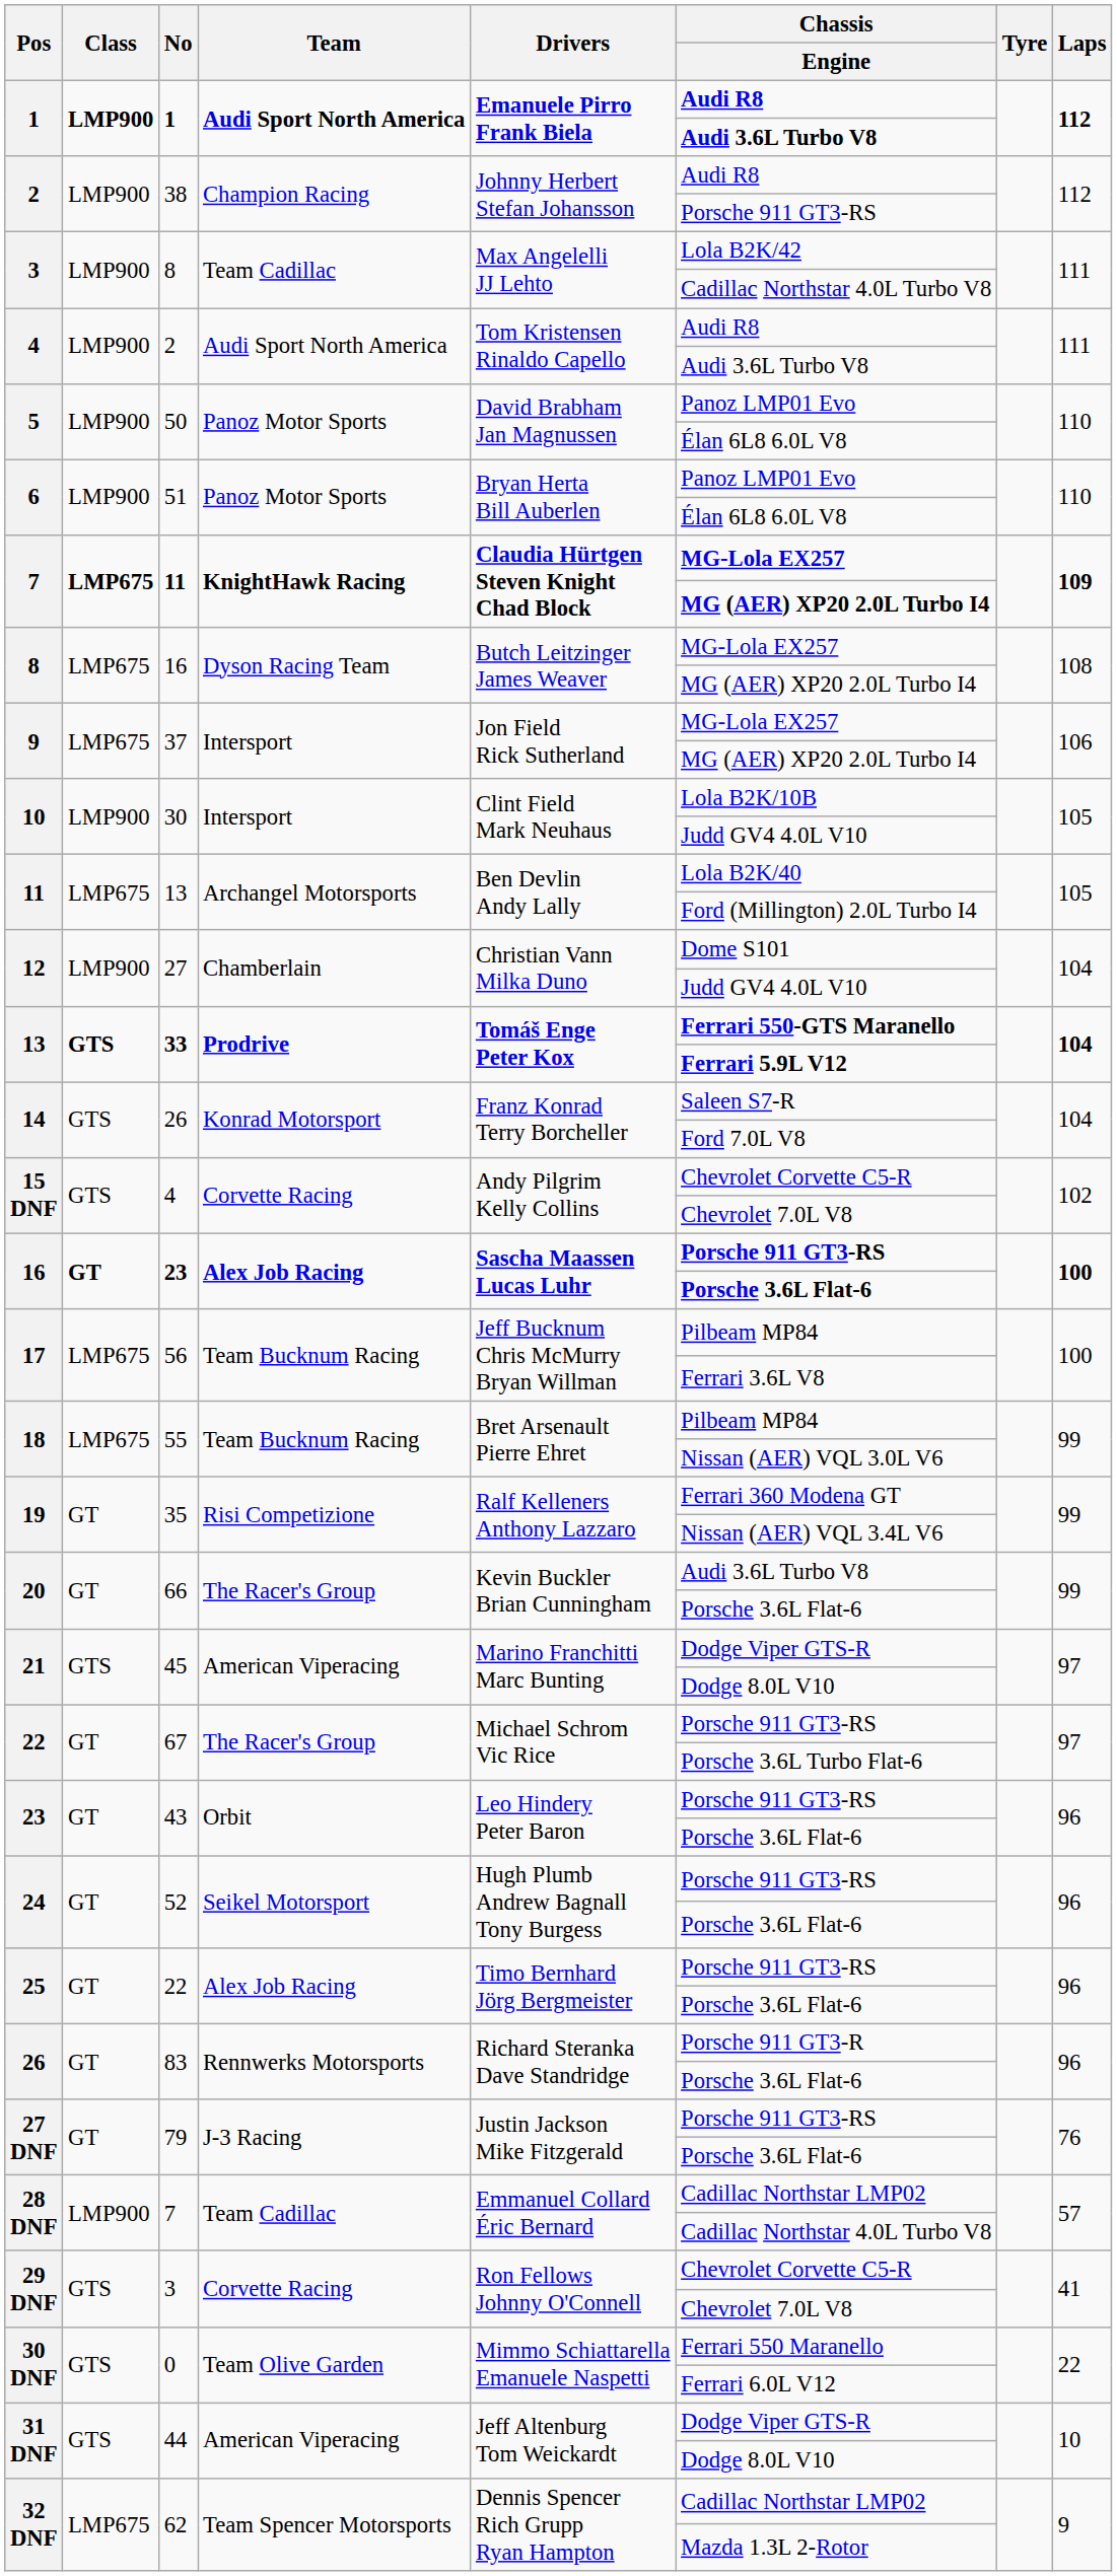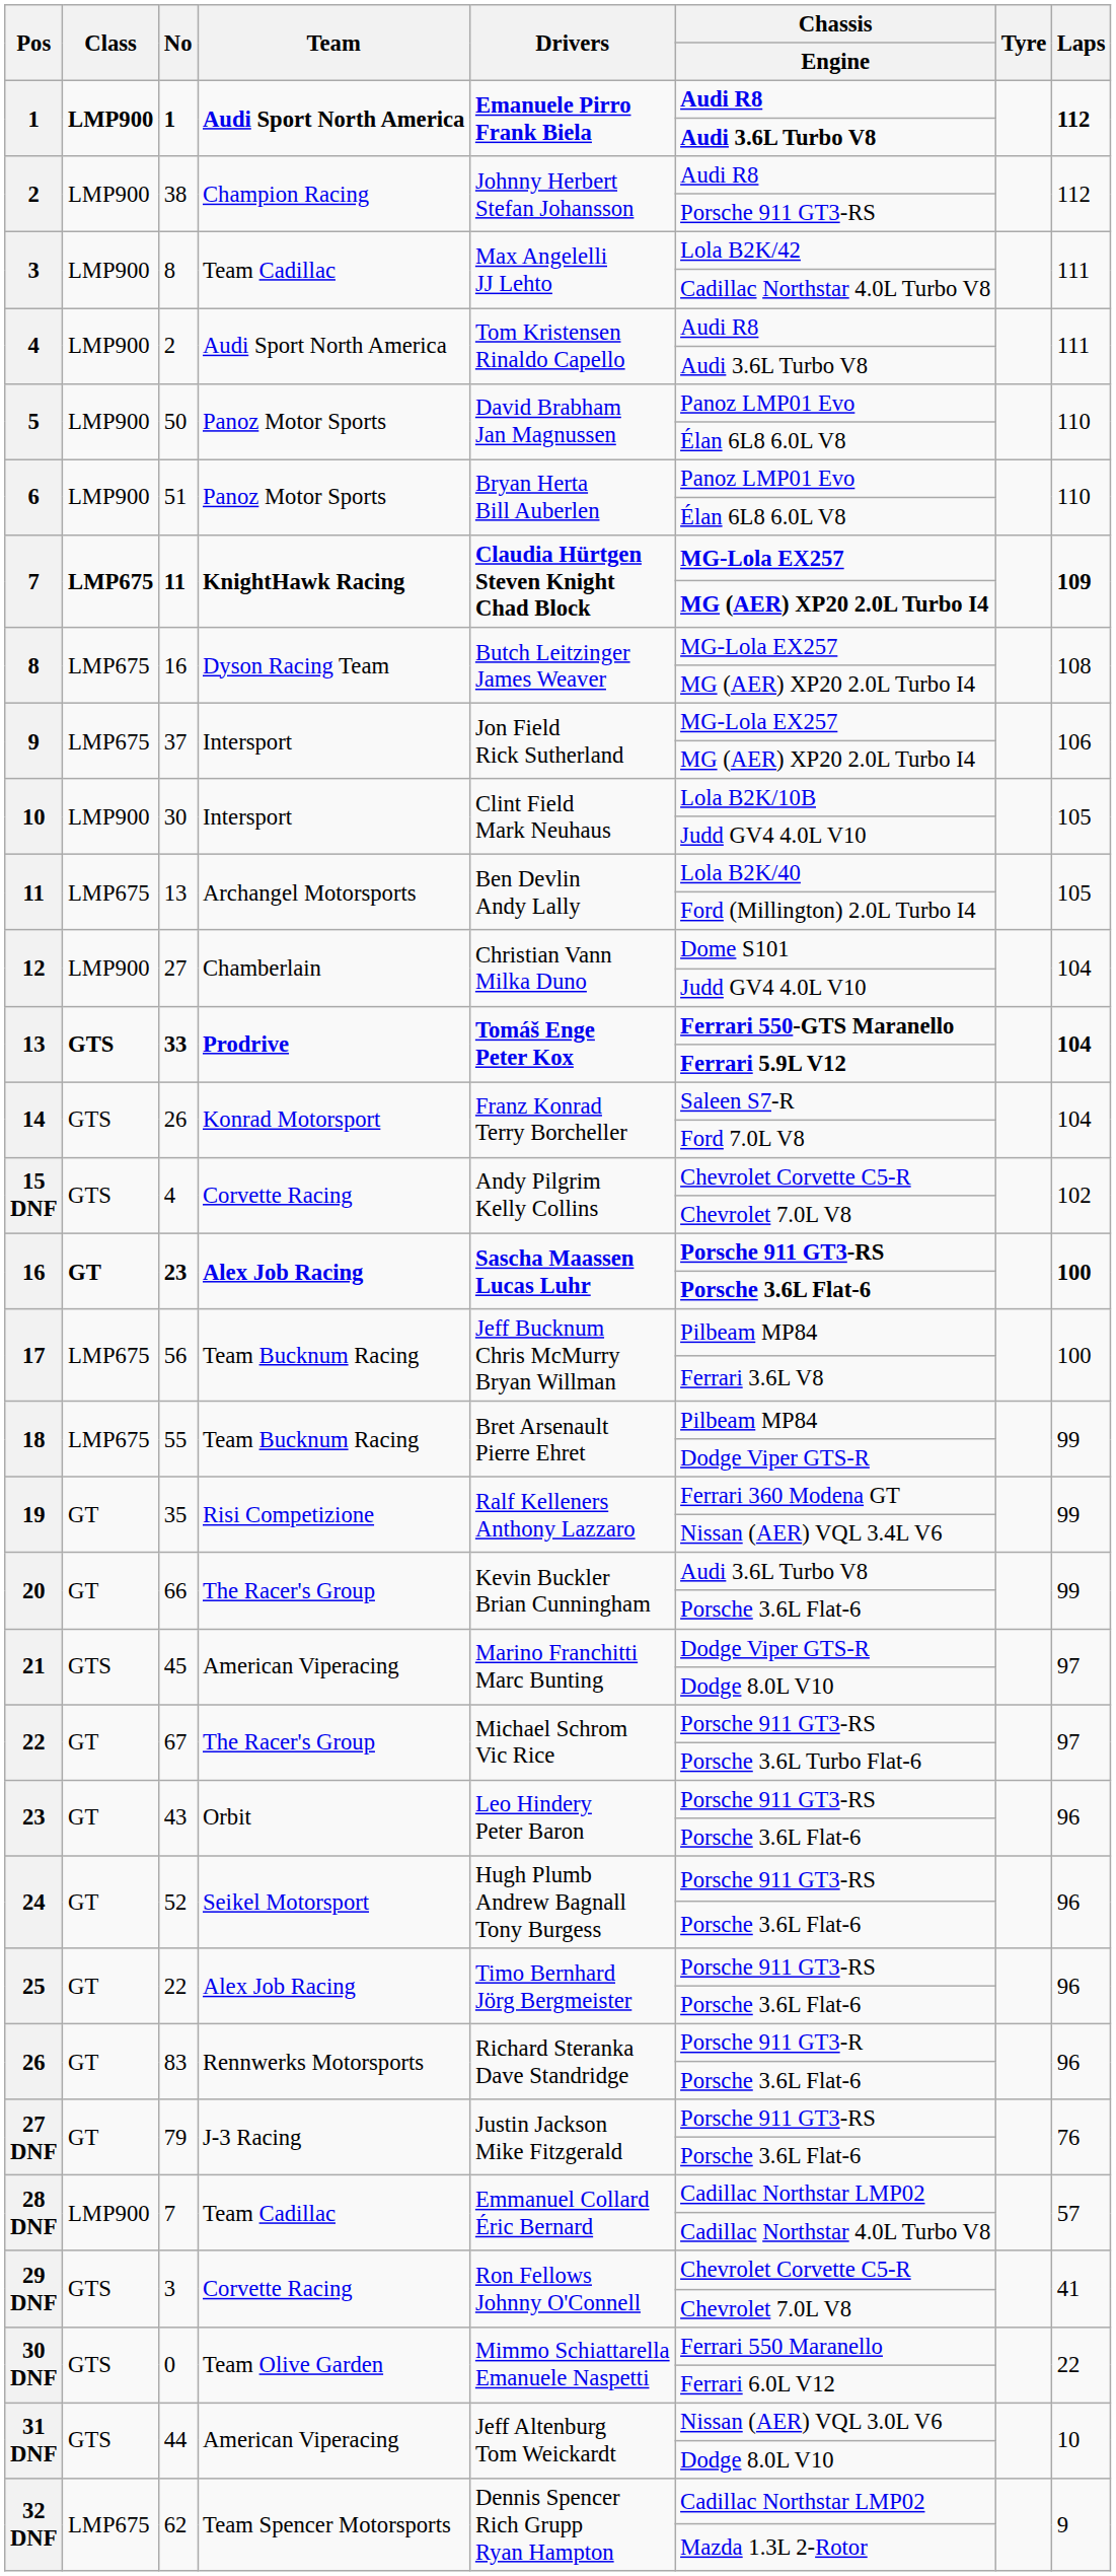 <table class="wikitable" style="font-size: 95%;">
 <tr>
 <th rowspan=2>Pos</th>
 <th rowspan=2>Class</th>
 <th rowspan=2>No</th>
 <th rowspan=2>Team</th>
 <th rowspan=2>Drivers</th>
 <th>Chassis</th>
 <th rowspan=2>Tyre</th>
 <th rowspan=2>Laps</th>
 </tr>
 <tr>
 <th>Engine</th>
 </tr>
 <tr style="font-weight:bold">
 <th rowspan=2>1</th>
 <td rowspan=2>LMP900</td>
 <td rowspan=2>1</td>
 <td rowspan=2> <a href='#'>Audi</a> Sport North America</td>
 <td rowspan=2> <a href='#'>Emanuele Pirro</a><br> <a href='#'>Frank Biela</a></td>
 <td><a href='#'>Audi R8</a></td>
 <td rowspan=2></td>
 <td rowspan=2>112</td>
 </tr>
 <tr style="font-weight:bold">
 <td><a href='#'>Audi</a> 3.6L Turbo V8</td>
 </tr>
 <tr>
 <th rowspan=2>2</th>
 <td rowspan=2>LMP900</td>
 <td rowspan=2>38</td>
 <td rowspan=2> <a href='#'>Champion Racing</a></td>
 <td rowspan=2> <a href='#'>Johnny Herbert</a><br> <a href='#'>Stefan Johansson</a></td>
 <td><a href='#'>Audi R8</a></td>
 <td rowspan=2></td>
 <td rowspan=2>112</td>
 </tr>
 <tr>
 <td><a href='#'>Porsche 911 GT3</a>-RS</td>
 </tr>
 <tr>
 <th rowspan=2>3</th>
 <td rowspan=2>LMP900</td>
 <td rowspan=2>8</td>
 <td rowspan=2> Team <a href='#'>Cadillac</a></td>
 <td rowspan=2> <a href='#'>Max Angelelli</a><br> <a href='#'>JJ Lehto</a></td>
 <td><a href='#'>Lola B2K/42</a></td>
 <td rowspan=2></td>
 <td rowspan=2>111</td>
 </tr>
 <tr>
 <td><a href='#'>Cadillac</a> <a href='#'>Northstar</a> 4.0L Turbo V8</td>
 </tr>
 <tr>
 <th rowspan=2>4</th>
 <td rowspan=2>LMP900</td>
 <td rowspan=2>2</td>
 <td rowspan=2> <a href='#'>Audi</a> Sport North America</td>
 <td rowspan=2> <a href='#'>Tom Kristensen</a><br> <a href='#'>Rinaldo Capello</a></td>
 <td><a href='#'>Audi R8</a></td>
 <td rowspan=2></td>
 <td rowspan=2>111</td>
 </tr>
 <tr>
 <td><a href='#'>Audi</a> 3.6L Turbo V8</td>
 </tr>
 <tr>
 <th rowspan=2>5</th>
 <td rowspan=2>LMP900</td>
 <td rowspan=2>50</td>
 <td rowspan=2> <a href='#'>Panoz</a> Motor Sports</td>
 <td rowspan=2> <a href='#'>David Brabham</a><br> <a href='#'>Jan Magnussen</a></td>
 <td><a href='#'>Panoz LMP01 Evo</a></td>
 <td rowspan=2></td>
 <td rowspan=2>110</td>
 </tr>
 <tr>
 <td><a href='#'>Élan</a> 6L8 6.0L V8</td>
 </tr>
 <tr>
 <th rowspan=2>6</th>
 <td rowspan=2>LMP900</td>
 <td rowspan=2>51</td>
 <td rowspan=2> <a href='#'>Panoz</a> Motor Sports</td>
 <td rowspan=2> <a href='#'>Bryan Herta</a><br> <a href='#'>Bill Auberlen</a></td>
 <td><a href='#'>Panoz LMP01 Evo</a></td>
 <td rowspan=2></td>
 <td rowspan=2>110</td>
 </tr>
 <tr>
 <td><a href='#'>Élan</a> 6L8 6.0L V8</td>
 </tr>
 <tr style="font-weight:bold">
 <th rowspan=2>7</th>
 <td rowspan=2>LMP675</td>
 <td rowspan=2>11</td>
 <td rowspan=2> KnightHawk Racing</td>
 <td rowspan=2> <a href='#'>Claudia Hürtgen</a><br> Steven Knight<br> Chad Block</td>
 <td><a href='#'>MG-Lola EX257</a></td>
 <td rowspan=2></td>
 <td rowspan=2>109</td>
 </tr>
 <tr style="font-weight:bold">
 <td><a href='#'>MG</a> (<a href='#'>AER</a>) XP20 2.0L Turbo I4</td>
 </tr>
 <tr>
 <th rowspan=2>8</th>
 <td rowspan=2>LMP675</td>
 <td rowspan=2>16</td>
 <td rowspan=2> <a href='#'>Dyson Racing</a> Team</td>
 <td rowspan=2> <a href='#'>Butch Leitzinger</a><br> <a href='#'>James Weaver</a></td>
 <td><a href='#'>MG-Lola EX257</a></td>
 <td rowspan=2></td>
 <td rowspan=2>108</td>
 </tr>
 <tr>
 <td><a href='#'>MG</a> (<a href='#'>AER</a>) XP20 2.0L Turbo I4</td>
 </tr>
 <tr>
 <th rowspan=2>9</th>
 <td rowspan=2>LMP675</td>
 <td rowspan=2>37</td>
 <td rowspan=2> Intersport</td>
 <td rowspan=2> Jon Field<br> Rick Sutherland</td>
 <td><a href='#'>MG-Lola EX257</a></td>
 <td rowspan=2></td>
 <td rowspan=2>106</td>
 </tr>
 <tr>
 <td><a href='#'>MG</a> (<a href='#'>AER</a>) XP20 2.0L Turbo I4</td>
 </tr>
 <tr>
 <th rowspan=2>10</th>
 <td rowspan=2>LMP900</td>
 <td rowspan=2>30</td>
 <td rowspan=2> Intersport</td>
 <td rowspan=2> Clint Field<br> Mark Neuhaus</td>
 <td><a href='#'>Lola B2K/10B</a></td>
 <td rowspan=2></td>
 <td rowspan=2>105</td>
 </tr>
 <tr>
 <td><a href='#'>Judd</a> GV4 4.0L V10</td>
 </tr>
 <tr>
 <th rowspan=2>11</th>
 <td rowspan=2>LMP675</td>
 <td rowspan=2>13</td>
 <td rowspan=2> Archangel Motorsports</td>
 <td rowspan=2> Ben Devlin<br> Andy Lally</td>
 <td><a href='#'>Lola B2K/40</a></td>
 <td rowspan=2></td>
 <td rowspan=2>105</td>
 </tr>
 <tr>
 <td><a href='#'>Ford</a> (Millington) 2.0L Turbo I4</td>
 </tr>
 <tr>
 <th rowspan=2>12</th>
 <td rowspan=2>LMP900</td>
 <td rowspan=2>27</td>
 <td rowspan=2> Chamberlain</td>
 <td rowspan=2> Christian Vann<br> <a href='#'>Milka Duno</a></td>
 <td><a href='#'>Dome</a> S101</td>
 <td rowspan=2></td>
 <td rowspan=2>104</td>
 </tr>
 <tr>
 <td><a href='#'>Judd</a> GV4 4.0L V10</td>
 </tr>
 <tr style="font-weight:bold">
 <th rowspan=2>13</th>
 <td rowspan=2>GTS</td>
 <td rowspan=2>33</td>
 <td rowspan=2> <a href='#'>Prodrive</a></td>
 <td rowspan=2> <a href='#'>Tomáš Enge</a><br> <a href='#'>Peter Kox</a></td>
 <td><a href='#'>Ferrari 550</a>-GTS Maranello</td>
 <td rowspan=2></td>
 <td rowspan=2>104</td>
 </tr>
 <tr style="font-weight:bold">
 <td><a href='#'>Ferrari</a> 5.9L V12</td>
 </tr>
 <tr>
 <th rowspan=2>14</th>
 <td rowspan=2>GTS</td>
 <td rowspan=2>26</td>
 <td rowspan=2> <a href='#'>Konrad Motorsport</a></td>
 <td rowspan=2> <a href='#'>Franz Konrad</a><br> Terry Borcheller</td>
 <td><a href='#'>Saleen S7</a>-R</td>
 <td rowspan=2></td>
 <td rowspan=2>104</td>
 </tr>
 <tr>
 <td><a href='#'>Ford</a> 7.0L V8</td>
 </tr>
 <tr>
 <th rowspan=2>15<br>DNF</th>
 <td rowspan=2>GTS</td>
 <td rowspan=2>4</td>
 <td rowspan=2> <a href='#'>Corvette Racing</a></td>
 <td rowspan=2> Andy Pilgrim<br> Kelly Collins</td>
 <td><a href='#'>Chevrolet Corvette C5-R</a></td>
 <td rowspan=2></td>
 <td rowspan=2>102</td>
 </tr>
 <tr>
 <td><a href='#'>Chevrolet</a> 7.0L V8</td>
 </tr>
 <tr style="font-weight:bold">
 <th rowspan=2>16</th>
 <td rowspan=2>GT</td>
 <td rowspan=2>23</td>
 <td rowspan=2> <a href='#'>Alex Job Racing</a></td>
 <td rowspan=2> <a href='#'>Sascha Maassen</a><br> <a href='#'>Lucas Luhr</a></td>
 <td><a href='#'>Porsche 911 GT3</a>-RS</td>
 <td rowspan=2></td>
 <td rowspan=2>100</td>
 </tr>
 <tr style="font-weight:bold">
 <td><a href='#'>Porsche</a> 3.6L Flat-6</td>
 </tr>
 <tr>
 <th rowspan=2>17</th>
 <td rowspan=2>LMP675</td>
 <td rowspan=2>56</td>
 <td rowspan=2> Team <a href='#'>Bucknum</a> Racing</td>
 <td rowspan=2> <a href='#'>Jeff Bucknum</a><br> Chris McMurry<br> Bryan Willman</td>
 <td><a href='#'>Pilbeam</a> MP84</td>
 <td rowspan=2></td>
 <td rowspan=2>100</td>
 </tr>
 <tr>
 <td><a href='#'>Ferrari</a> 3.6L V8</td>
 </tr>
 <tr>
 <th rowspan=2>18</th>
 <td rowspan=2>LMP675</td>
 <td rowspan=2>55</td>
 <td rowspan=2> Team <a href='#'>Bucknum</a> Racing</td>
 <td rowspan=2> Bret Arsenault<br> Pierre Ehret</td>
 <td><a href='#'>Pilbeam</a> MP84</td>
 <td rowspan=2></td>
 <td rowspan=2>99</td>
 </tr>
 <tr>
-<td><a href='#'>Nissan</a> (<a href='#'>AER</a>) VQL 3.0L V6</td>
+<td><a href='#'>Dodge Viper GTS-R</a></td>
 </tr>
 <tr>
 <th rowspan=2>19</th>
 <td rowspan=2>GT</td>
 <td rowspan=2>35</td>
 <td rowspan=2> <a href='#'>Risi Competizione</a></td>
 <td rowspan=2> <a href='#'>Ralf Kelleners</a><br> <a href='#'>Anthony Lazzaro</a></td>
 <td><a href='#'>Ferrari 360 Modena</a> GT</td>
 <td rowspan=2></td>
 <td rowspan=2>99</td>
 </tr>
 <tr>
 <td><a href='#'>Nissan</a> (<a href='#'>AER</a>) VQL 3.4L V6</td>
 </tr>
 <tr>
 <th rowspan=2>20</th>
 <td rowspan=2>GT</td>
 <td rowspan=2>66</td>
 <td rowspan=2> <a href='#'>The Racer's Group</a></td>
 <td rowspan=2> Kevin Buckler<br> Brian Cunningham</td>
 <td><a href='#'>Audi</a> 3.6L Turbo V8</td>
 <td rowspan=2></td>
 <td rowspan=2>99</td>
 </tr>
 <tr>
 <td><a href='#'>Porsche</a> 3.6L Flat-6</td>
 </tr>
 <tr>
 <th rowspan=2>21</th>
 <td rowspan=2>GTS</td>
 <td rowspan=2>45</td>
 <td rowspan=2> American Viperacing</td>
 <td rowspan=2> <a href='#'>Marino Franchitti</a><br> Marc Bunting</td>
 <td><a href='#'>Dodge Viper GTS-R</a></td>
 <td rowspan=2></td>
 <td rowspan=2>97</td>
 </tr>
 <tr>
 <td><a href='#'>Dodge</a> 8.0L V10</td>
 </tr>
 <tr>
 <th rowspan=2>22</th>
 <td rowspan=2>GT</td>
 <td rowspan=2>67</td>
 <td rowspan=2> <a href='#'>The Racer's Group</a></td>
 <td rowspan=2> Michael Schrom<br> Vic Rice</td>
 <td><a href='#'>Porsche 911 GT3</a>-RS</td>
 <td rowspan=2></td>
 <td rowspan=2>97</td>
 </tr>
 <tr>
 <td><a href='#'>Porsche</a> 3.6L Turbo Flat-6</td>
 </tr>
 <tr>
 <th rowspan=2>23</th>
 <td rowspan=2>GT</td>
 <td rowspan=2>43</td>
 <td rowspan=2> Orbit</td>
 <td rowspan=2> <a href='#'>Leo Hindery</a><br> Peter Baron</td>
 <td><a href='#'>Porsche 911 GT3</a>-RS</td>
 <td rowspan=2></td>
 <td rowspan=2>96</td>
 </tr>
 <tr>
 <td><a href='#'>Porsche</a> 3.6L Flat-6</td>
 </tr>
 <tr>
 <th rowspan=2>24</th>
 <td rowspan=2>GT</td>
 <td rowspan=2>52</td>
 <td rowspan=2> <a href='#'>Seikel Motorsport</a></td>
 <td rowspan=2> Hugh Plumb<br> Andrew Bagnall<br> Tony Burgess</td>
 <td><a href='#'>Porsche 911 GT3</a>-RS</td>
 <td rowspan=2></td>
 <td rowspan=2>96</td>
 </tr>
 <tr>
 <td><a href='#'>Porsche</a> 3.6L Flat-6</td>
 </tr>
 <tr>
 <th rowspan=2>25</th>
 <td rowspan=2>GT</td>
 <td rowspan=2>22</td>
 <td rowspan=2> <a href='#'>Alex Job Racing</a></td>
 <td rowspan=2> <a href='#'>Timo Bernhard</a><br> <a href='#'>Jörg Bergmeister</a></td>
 <td><a href='#'>Porsche 911 GT3</a>-RS</td>
 <td rowspan=2></td>
 <td rowspan=2>96</td>
 </tr>
 <tr>
 <td><a href='#'>Porsche</a> 3.6L Flat-6</td>
 </tr>
 <tr>
 <th rowspan=2>26</th>
 <td rowspan=2>GT</td>
 <td rowspan=2>83</td>
 <td rowspan=2> Rennwerks Motorsports</td>
 <td rowspan=2> Richard Steranka<br> Dave Standridge</td>
 <td><a href='#'>Porsche 911 GT3</a>-R</td>
 <td rowspan=2></td>
 <td rowspan=2>96</td>
 </tr>
 <tr>
 <td><a href='#'>Porsche</a> 3.6L Flat-6</td>
 </tr>
 <tr>
 <th rowspan=2>27<br>DNF</th>
 <td rowspan=2>GT</td>
 <td rowspan=2>79</td>
 <td rowspan=2> J-3 Racing</td>
 <td rowspan=2> Justin Jackson<br> Mike Fitzgerald</td>
 <td><a href='#'>Porsche 911 GT3</a>-RS</td>
 <td rowspan=2></td>
 <td rowspan=2>76</td>
 </tr>
 <tr>
 <td><a href='#'>Porsche</a> 3.6L Flat-6</td>
 </tr>
 <tr>
 <th rowspan=2>28<br>DNF</th>
 <td rowspan=2>LMP900</td>
 <td rowspan=2>7</td>
 <td rowspan=2> Team <a href='#'>Cadillac</a></td>
 <td rowspan=2> <a href='#'>Emmanuel Collard</a><br> <a href='#'>Éric Bernard</a></td>
 <td><a href='#'>Cadillac Northstar LMP02</a></td>
 <td rowspan=2></td>
 <td rowspan=2>57</td>
 </tr>
 <tr>
 <td><a href='#'>Cadillac</a> <a href='#'>Northstar</a> 4.0L Turbo V8</td>
 </tr>
 <tr>
 <th rowspan=2>29<br>DNF</th>
 <td rowspan=2>GTS</td>
 <td rowspan=2>3</td>
 <td rowspan=2> <a href='#'>Corvette Racing</a></td>
 <td rowspan=2> <a href='#'>Ron Fellows</a><br> <a href='#'>Johnny O'Connell</a></td>
 <td><a href='#'>Chevrolet Corvette C5-R</a></td>
 <td rowspan=2></td>
 <td rowspan=2>41</td>
 </tr>
 <tr>
 <td><a href='#'>Chevrolet</a> 7.0L V8</td>
 </tr>
 <tr>
 <th rowspan=2>30<br>DNF</th>
 <td rowspan=2>GTS</td>
 <td rowspan=2>0</td>
 <td rowspan=2> Team <a href='#'>Olive Garden</a></td>
 <td rowspan=2> <a href='#'>Mimmo Schiattarella</a><br> <a href='#'>Emanuele Naspetti</a></td>
 <td><a href='#'>Ferrari 550 Maranello</a></td>
 <td rowspan=2></td>
 <td rowspan=2>22</td>
 </tr>
 <tr>
 <td><a href='#'>Ferrari</a> 6.0L V12</td>
 </tr>
 <tr>
 <th rowspan=2>31<br>DNF</th>
 <td rowspan=2>GTS</td>
 <td rowspan=2>44</td>
 <td rowspan=2> American Viperacing</td>
 <td rowspan=2> Jeff Altenburg<br> Tom Weickardt</td>
-<td><a href='#'>Dodge Viper GTS-R</a></td>
+<td><a href='#'>Nissan</a> (<a href='#'>AER</a>) VQL 3.0L V6</td>
 <td rowspan=2></td>
 <td rowspan=2>10</td>
 </tr>
 <tr>
 <td><a href='#'>Dodge</a> 8.0L V10</td>
 </tr>
 <tr>
 <th rowspan=2>32<br>DNF</th>
 <td rowspan=2>LMP675</td>
 <td rowspan=2>62</td>
 <td rowspan=2> Team Spencer Motorsports</td>
 <td rowspan=2> Dennis Spencer<br> Rich Grupp<br> <a href='#'>Ryan Hampton</a></td>
 <td><a href='#'>Cadillac Northstar LMP02</a></td>
 <td rowspan=2></td>
 <td rowspan=2>9</td>
 </tr>
 <tr>
 <td><a href='#'>Mazda</a> 1.3L 2-<a href='#'>Rotor</a></td>
 </tr>
 </table>
